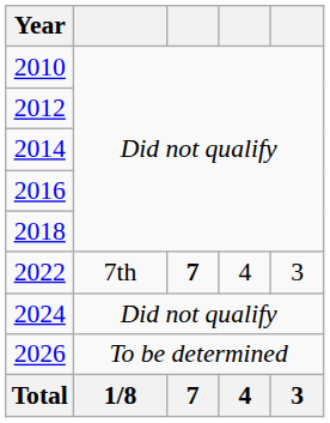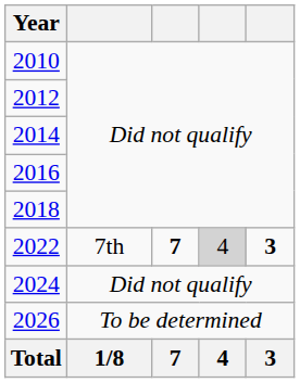 <table class="wikitable" style="text-align: center;">
 <tr>
 <th>Year</th>
 <th width="50"></th>
 <th width=25></th>
 <th width=25></th>
 <th width=25></th>
 </tr>
 <tr>
 <td> <a href='#'>2010</a></td>
 <td rowspan=5 colspan=4><em>Did not qualify</em></td>
 </tr>
 <tr>
 <td> <a href='#'>2012</a></td>
 </tr>
 <tr>
 <td> <a href='#'>2014</a></td>
 </tr>
 <tr>
 <td> <a href='#'>2016</a></td>
 </tr>
 <tr>
 <td> <a href='#'>2018</a></td>
 </tr>
 <tr>
 <td> <a href='#'>2022</a></td>
 <td>7th</td>
 <td><strong>7</strong></td>
-<td>4</td>
-<td>3</td>
+<td style="background: lightgrey;">4</td>
+<td><strong>3</strong></td>
 </tr>
 <tr>
 <td> <a href='#'>2024</a></td>
 <td colspan=4><em>Did not qualify</em></td>
 </tr>
 <tr>
 <td> <a href='#'>2026</a></td>
 <td colspan=4><em>To be determined</em></td>
 </tr>
 <tr>
 <th>Total</th>
 <th>1/8</th>
 <th>7</th>
 <th>4</th>
 <th>3</th>
 </tr>
 </table>
